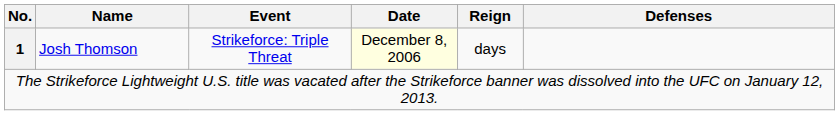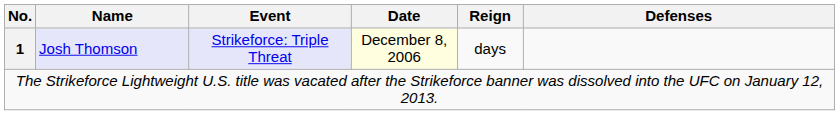 <table class="wikitable" width=100%>
 <tr>
 <th width=1%>No.</th>
 <th width=19%>Name</th>
 <th width=20%>Event</th>
 <th width=13%>Date</th>
 <th width=8%>Reign</th>
 <th width=47%>Defenses</th>
 </tr>
 <tr>
 <th>1</th>
-<td align=left> <a href='#'>Josh Thomson</a><br></td>
-<td align=center><a href='#'>Strikeforce: Triple Threat</a><br></td>
+<td align=left style="background: lavender;"> <a href='#'>Josh Thomson</a><br></td>
+<td align=center style="background: lavender;"><a href='#'>Strikeforce: Triple Threat</a><br></td>
 <td align=center style="background: lightyellow;">December 8, 2006</td>
 <td align=center> days</td>
 <td><br></td>
 </tr>
 <tr>
 <td align="center" colspan="6"><em>The Strikeforce Lightweight U.S. title was vacated after the Strikeforce banner was dissolved into the UFC on January 12, 2013.</em></td>
 </tr>
 </table>
